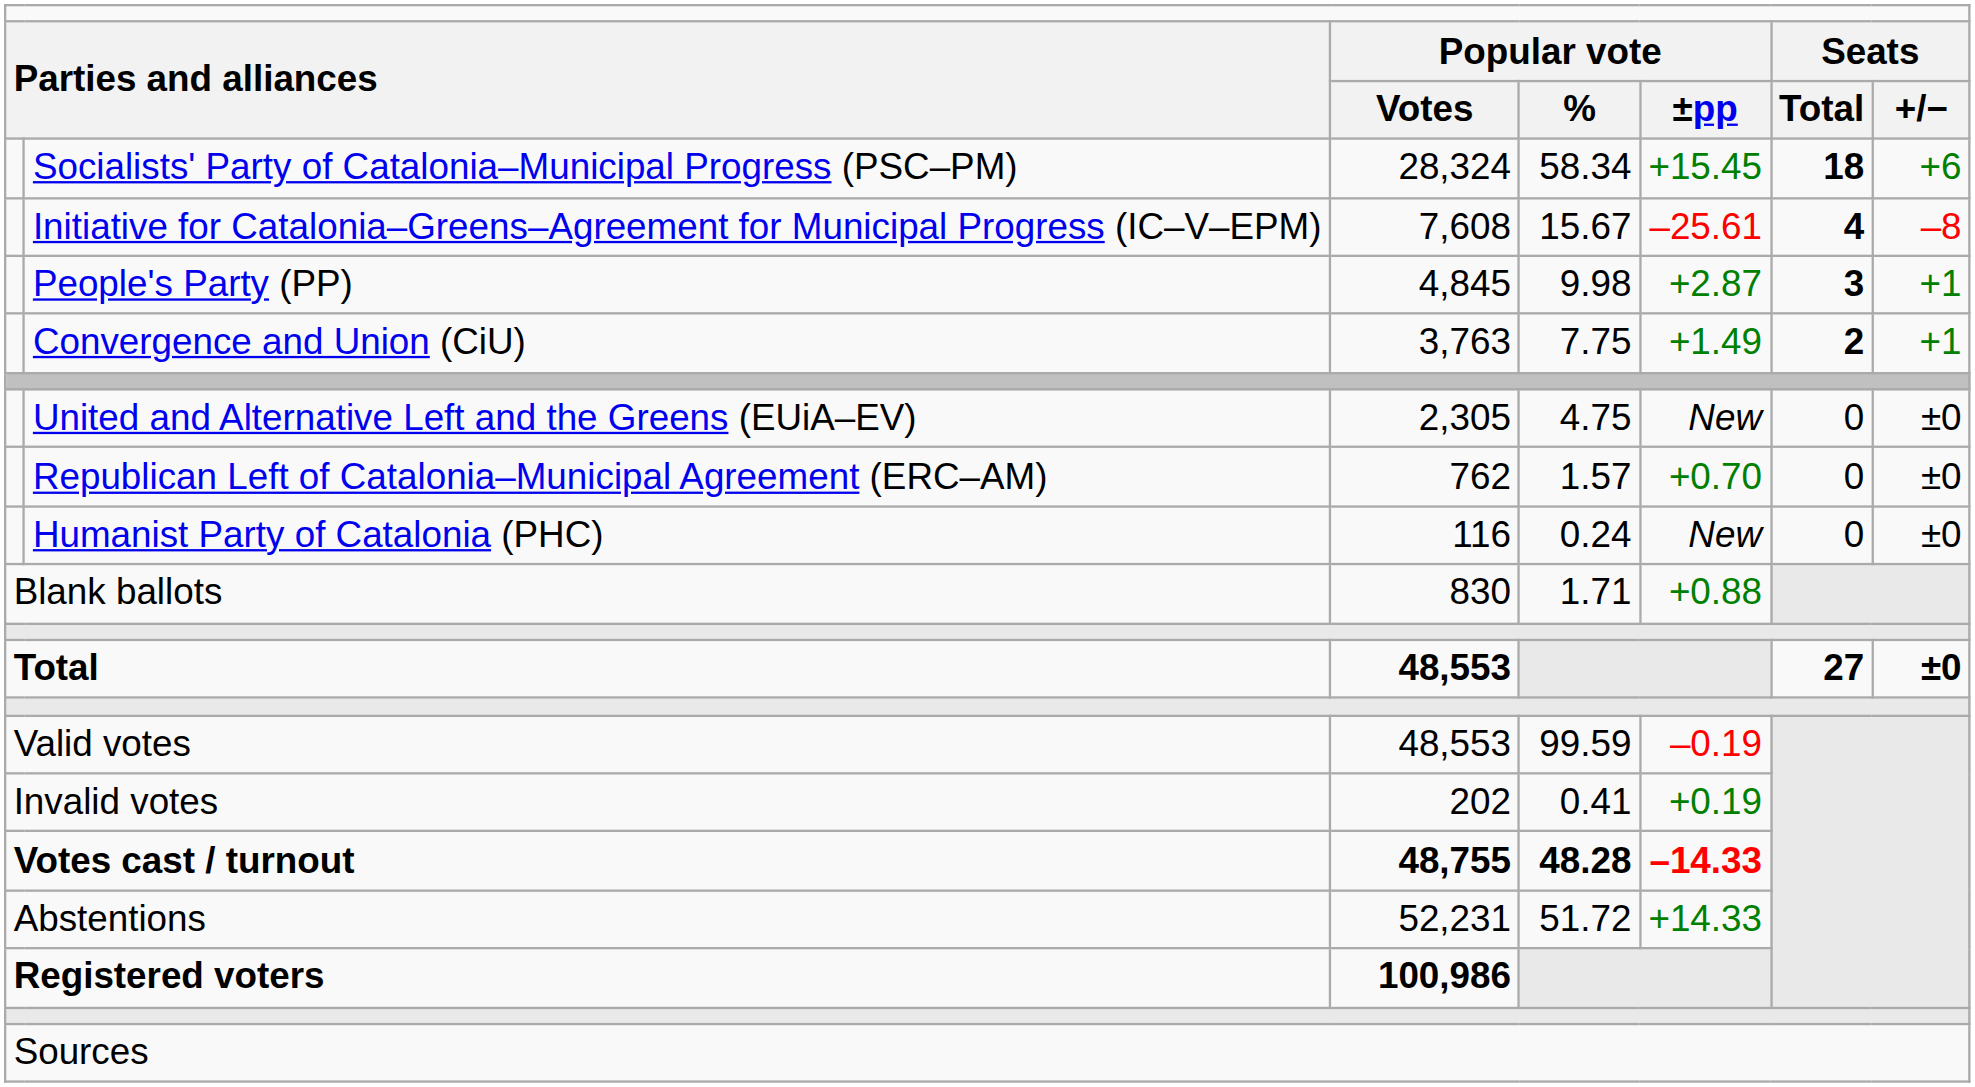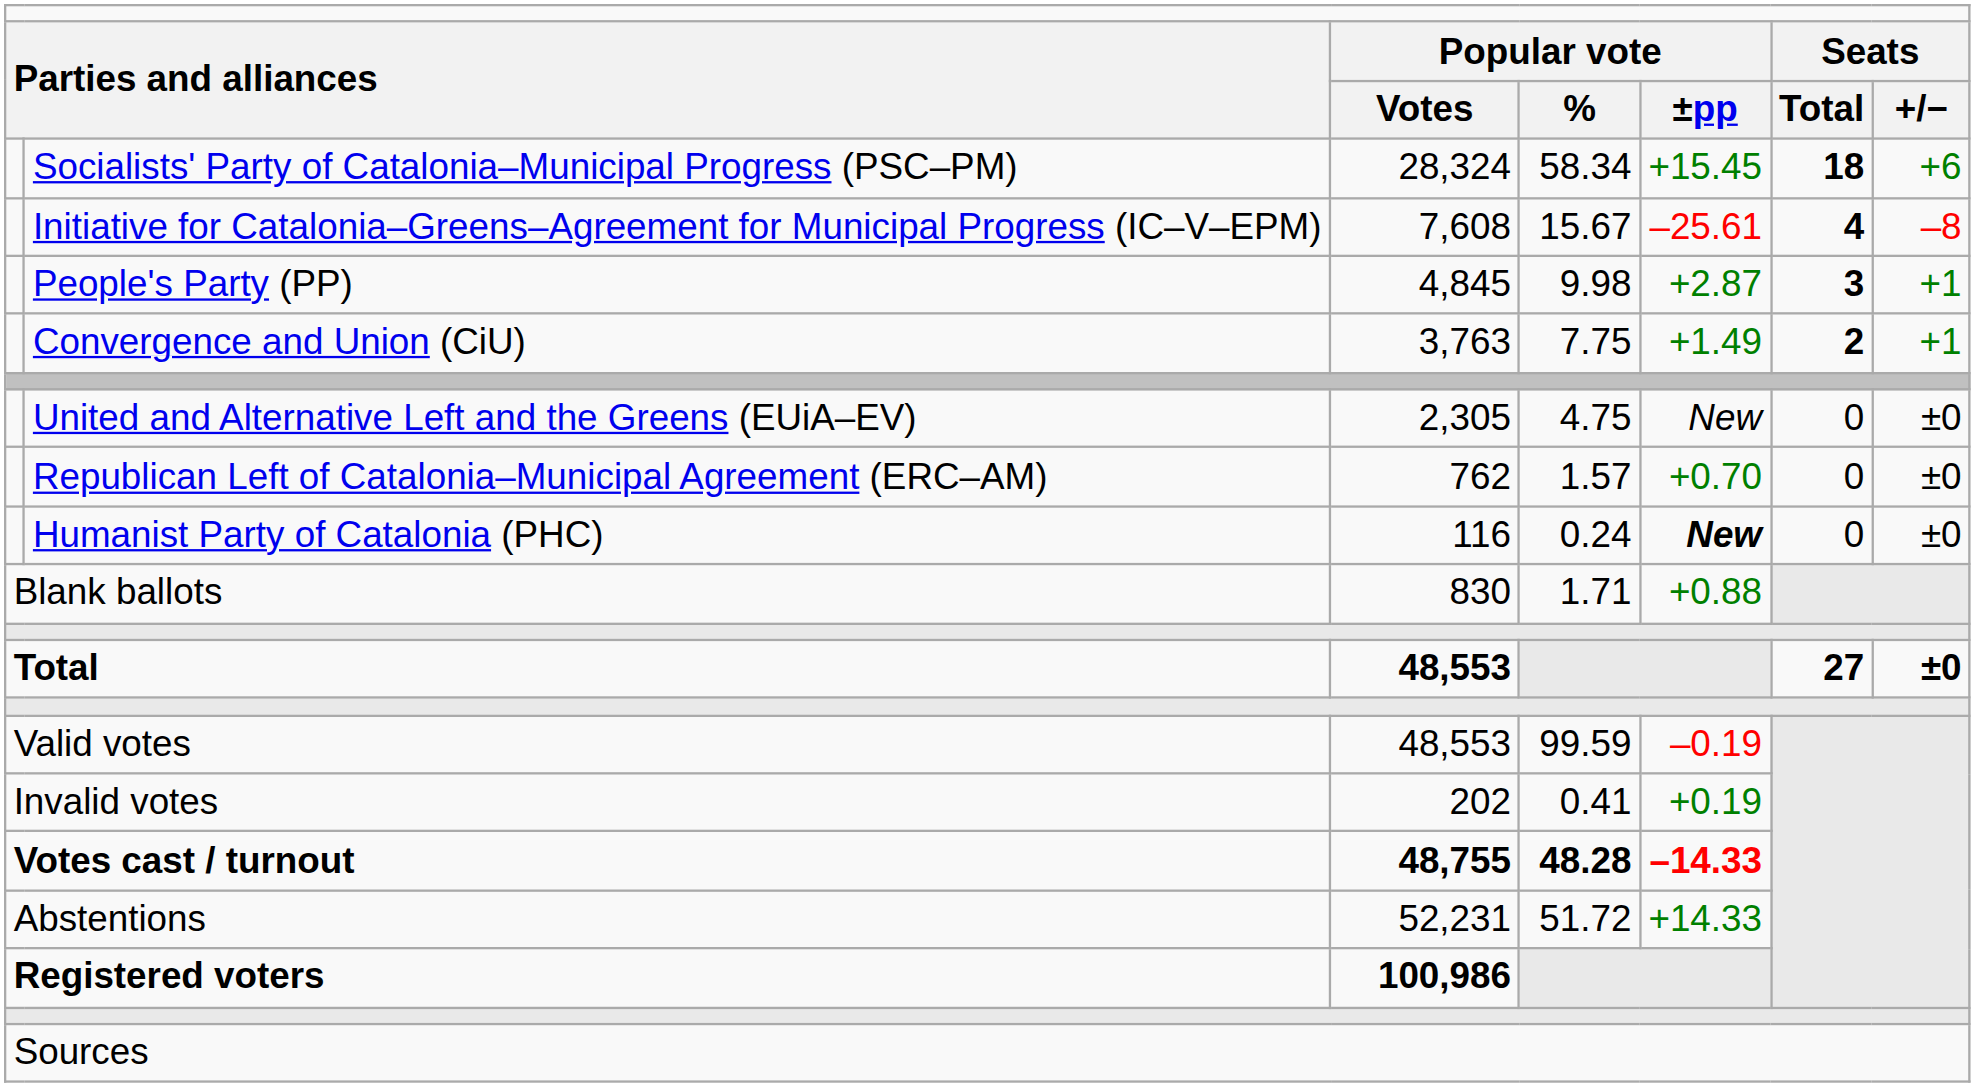 <table class="wikitable" style="text-align:right;">
 <tr>
 <td colspan="7"></td>
 </tr>
 <tr>
 <th style="text-align:left;" rowspan="2" colspan="2" width="525">Parties and alliances</th>
 <th colspan="3">Popular vote</th>
 <th colspan="2">Seats</th>
 </tr>
 <tr>
 <th width="75">Votes</th>
 <th width="45">%</th>
 <th width="45">±<a href='#'>pp</a></th>
 <th width="35">Total</th>
 <th width="35">+/−</th>
 </tr>
 <tr>
 <td width="1" style="color:inherit;background:"></td>
 <td align="left"><a href='#'>Socialists' Party of Catalonia–Municipal Progress</a> (PSC–PM)</td>
 <td>28,324</td>
 <td>58.34</td>
 <td style="color:green;">+15.45</td>
 <td><strong>18</strong></td>
 <td style="color:green;">+6</td>
 </tr>
 <tr>
 <td style="color:inherit;background:"></td>
 <td align="left"><a href='#'>Initiative for Catalonia–Greens–Agreement for Municipal Progress</a> (IC–V–EPM)</td>
 <td>7,608</td>
 <td>15.67</td>
 <td style="color:red;">–25.61</td>
 <td><strong>4</strong></td>
 <td style="color:red;">–8</td>
 </tr>
 <tr>
 <td style="color:inherit;background:"></td>
 <td align="left"><a href='#'>People's Party</a> (PP)</td>
 <td>4,845</td>
 <td>9.98</td>
 <td style="color:green;">+2.87</td>
 <td><strong>3</strong></td>
 <td style="color:green;">+1</td>
 </tr>
 <tr>
 <td style="color:inherit;background:"></td>
 <td align="left"><a href='#'>Convergence and Union</a> (CiU)</td>
 <td>3,763</td>
 <td>7.75</td>
 <td style="color:green;">+1.49</td>
 <td><strong>2</strong></td>
 <td style="color:green;">+1</td>
 </tr>
 <tr>
 <td colspan="7" style="color:inherit;background:#C0C0C0"></td>
 </tr>
 <tr>
 <td style="color:inherit;background:"></td>
 <td align="left"><a href='#'>United and Alternative Left and the Greens</a> (EUiA–EV)</td>
 <td>2,305</td>
 <td>4.75</td>
 <td><em>New</em></td>
 <td>0</td>
 <td>±0</td>
 </tr>
 <tr>
 <td style="color:inherit;background:"></td>
 <td align="left"><a href='#'>Republican Left of Catalonia–Municipal Agreement</a> (ERC–AM)</td>
 <td>762</td>
 <td>1.57</td>
 <td style="color:green;">+0.70</td>
 <td>0</td>
 <td>±0</td>
 </tr>
 <tr>
 <td style="color:inherit;background:"></td>
 <td align="left"><a href='#'>Humanist Party of Catalonia</a> (PHC)</td>
 <td>116</td>
 <td>0.24</td>
-<td><em>New</em></td>
+<td><strong><em>New</em></strong></td>
 <td>0</td>
 <td>±0</td>
 </tr>
 <tr>
 <td align="left" colspan="2">Blank ballots</td>
 <td>830</td>
 <td>1.71</td>
 <td style="color:green;">+0.88</td>
 <td style="color:inherit;background:#E9E9E9" colspan="2"></td>
 </tr>
 <tr>
 <td colspan="7" style="color:inherit;background:#E9E9E9"></td>
 </tr>
 <tr style="font-weight:bold;">
 <td align="left" colspan="2">Total</td>
 <td>48,553</td>
 <td bgcolor="#E9E9E9" colspan="2"></td>
 <td>27</td>
 <td>±0</td>
 </tr>
 <tr>
 <td colspan="7" style="color:inherit;background:#E9E9E9"></td>
 </tr>
 <tr>
 <td align="left" colspan="2">Valid votes</td>
 <td>48,553</td>
 <td>99.59</td>
 <td style="color:red;">–0.19</td>
 <td bgcolor="#E9E9E9" colspan="2" rowspan="5"></td>
 </tr>
 <tr>
 <td align="left" colspan="2">Invalid votes</td>
 <td>202</td>
 <td>0.41</td>
 <td style="color:green;">+0.19</td>
 </tr>
 <tr style="font-weight:bold;">
 <td align="left" colspan="2">Votes cast / turnout</td>
 <td>48,755</td>
 <td>48.28</td>
 <td style="color:red;">–14.33</td>
 </tr>
 <tr>
 <td align="left" colspan="2">Abstentions</td>
 <td>52,231</td>
 <td>51.72</td>
 <td style="color:green;">+14.33</td>
 </tr>
 <tr style="font-weight:bold;">
 <td align="left" colspan="2">Registered voters</td>
 <td>100,986</td>
 <td bgcolor="#E9E9E9" colspan="2"></td>
 </tr>
 <tr>
 <td colspan="7" style="color:inherit;background:#E9E9E9"></td>
 </tr>
 <tr>
 <td align="left" colspan="7">Sources</td>
 </tr>
 </table>
